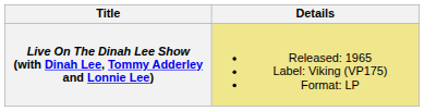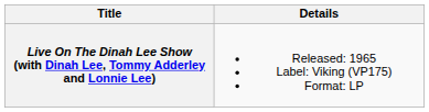 <table class="wikitable plainrowheaders" style="text-align:center;" border="1">
 <tr>
 <th scope="col" style="width:17em;">Title</th>
 <th scope="col" style="width:17em;">Details</th>
 </tr>
 <tr>
 <th scope="row"><em>Live On The Dinah Lee Show</em> <br> (with <a href='#'>Dinah Lee</a>, <a href='#'>Tommy Adderley</a> and <a href='#'>Lonnie Lee</a>)</th>
-<td style="background: khaki;"><br><ul><li>Released: 1965</li><li>Label: Viking	(VP175)</li><li>Format: LP</li></ul></td>
+<td><br><ul><li>Released: 1965</li><li>Label: Viking	(VP175)</li><li>Format: LP</li></ul></td>
 </tr>
 </table>
